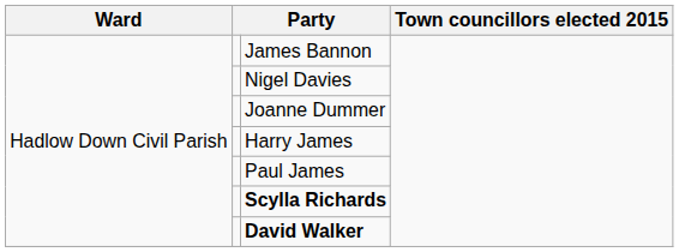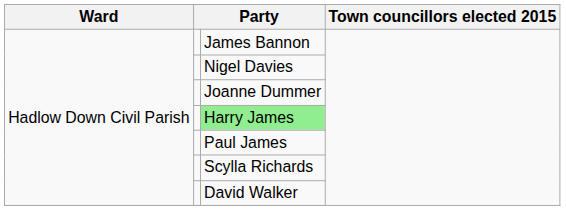 <table class="wikitable">
 <tr>
 <th>Ward</th>
 <th colspan=2>Party</th>
 <th>Town councillors elected 2015</th>
 </tr>
 <tr>
 <td rowspan="7">Hadlow Down Civil Parish</td>
 <td></td>
 <td>James Bannon</td>
 </tr>
 <tr>
 <td></td>
 <td>Nigel Davies</td>
 </tr>
 <tr>
 <td></td>
 <td>Joanne Dummer</td>
 </tr>
 <tr>
 <td></td>
-<td>Harry James</td>
+<td style="background: lightgreen;">Harry James</td>
 </tr>
 <tr>
 <td></td>
 <td>Paul James</td>
 </tr>
 <tr>
 <td></td>
-<td><strong>Scylla Richards</strong></td>
+<td>Scylla Richards</td>
 </tr>
 <tr>
 <td></td>
-<td><strong>David Walker</strong></td>
+<td>David Walker</td>
 </tr>
 <tr>
 </tr>
 </table>
